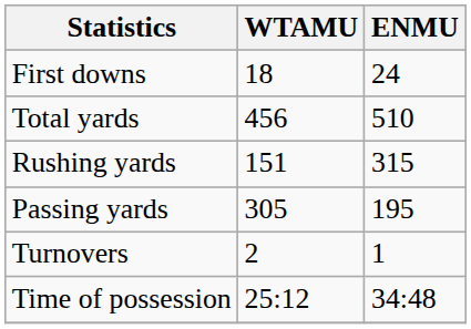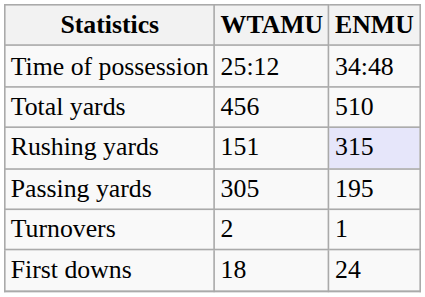 <table class="wikitable">
 <tr>
 <th>Statistics</th>
 <th>WTAMU</th>
 <th>ENMU</th>
 </tr>
 <tr>
-<td>First downs</td>
-<td>18</td>
-<td>24</td>
+<td>Time of possession</td>
+<td>25:12</td>
+<td>34:48</td>
 </tr>
 <tr>
 <td>Total yards</td>
 <td>456</td>
 <td>510</td>
 </tr>
 <tr>
 <td>Rushing yards</td>
 <td>151</td>
-<td>315</td>
+<td style="background: lavender;">315</td>
 </tr>
 <tr>
 <td>Passing yards</td>
 <td>305</td>
 <td>195</td>
 </tr>
 <tr>
 <td>Turnovers</td>
 <td>2</td>
 <td>1</td>
 </tr>
 <tr>
-<td>Time of possession</td>
-<td>25:12</td>
-<td>34:48</td>
+<td>First downs</td>
+<td>18</td>
+<td>24</td>
 </tr>
 <tr>
 </tr>
 </table>
